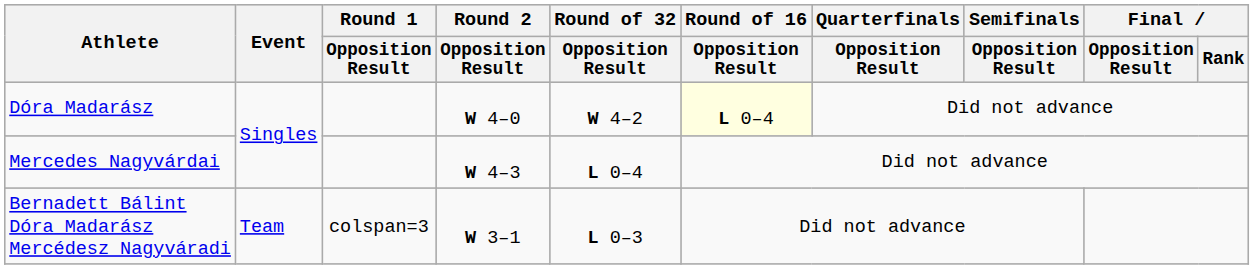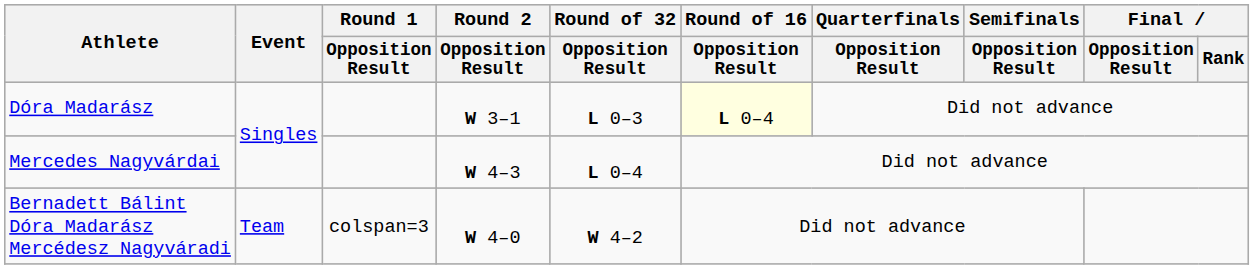 <table class="wikitable" style="font-size:90%">
 <tr>
 <th rowspan=2>Athlete</th>
 <th rowspan=2>Event</th>
 <th>Round 1</th>
 <th>Round 2</th>
 <th>Round of 32</th>
 <th>Round of 16</th>
 <th>Quarterfinals</th>
 <th>Semifinals</th>
 <th colspan=2>Final / </th>
 </tr>
 <tr style="font-size:95%">
 <th>Opposition<br>Result</th>
 <th>Opposition<br>Result</th>
 <th>Opposition<br>Result</th>
 <th>Opposition<br>Result</th>
 <th>Opposition<br>Result</th>
 <th>Opposition<br>Result</th>
 <th>Opposition<br>Result</th>
 <th>Rank</th>
 </tr>
 <tr align=center>
 <td align=left><a href='#'>Dóra Madarász</a></td>
 <td align=left rowspan=2><a href='#'>Singles</a></td>
 <td></td>
-<td><br><strong>W</strong> 4–0</td>
-<td><br><strong>W</strong> 4–2</td>
+<td><br><strong>W</strong> 3–1</td>
+<td><br><strong>L</strong> 0–3</td>
 <td style="background: lightyellow;"><br><strong>L</strong> 0–4</td>
 <td colspan=4>Did not advance</td>
 </tr>
 <tr align=center>
 <td align=left><a href='#'>Mercedes Nagyvárdai</a></td>
 <td></td>
 <td><br><strong>W</strong> 4–3</td>
 <td><br><strong>L</strong> 0–4</td>
 <td colspan=5>Did not advance</td>
 </tr>
 <tr align=center>
 <td align=left><a href='#'>Bernadett Bálint</a><br><a href='#'>Dóra Madarász</a><br><a href='#'>Mercédesz Nagyváradi</a></td>
 <td align=left><a href='#'>Team</a></td>
 <td>colspan=3</td>
-<td><br><strong>W</strong> 3–1</td>
-<td><br><strong>L</strong> 0–3</td>
+<td><br><strong>W</strong> 4–0</td>
+<td><br><strong>W</strong> 4–2</td>
 <td colspan=3>Did not advance</td>
 </tr>
 </table>
